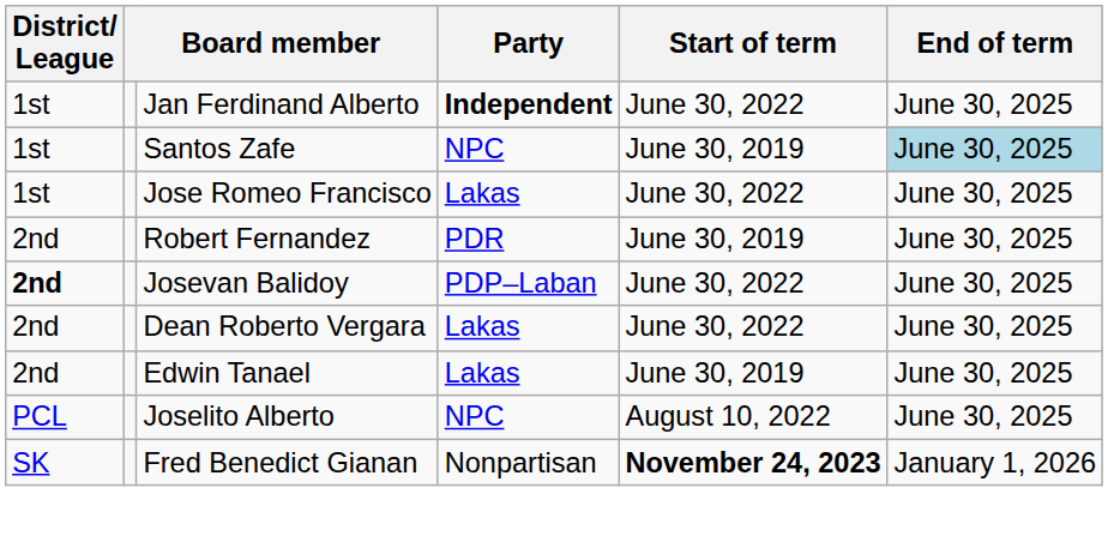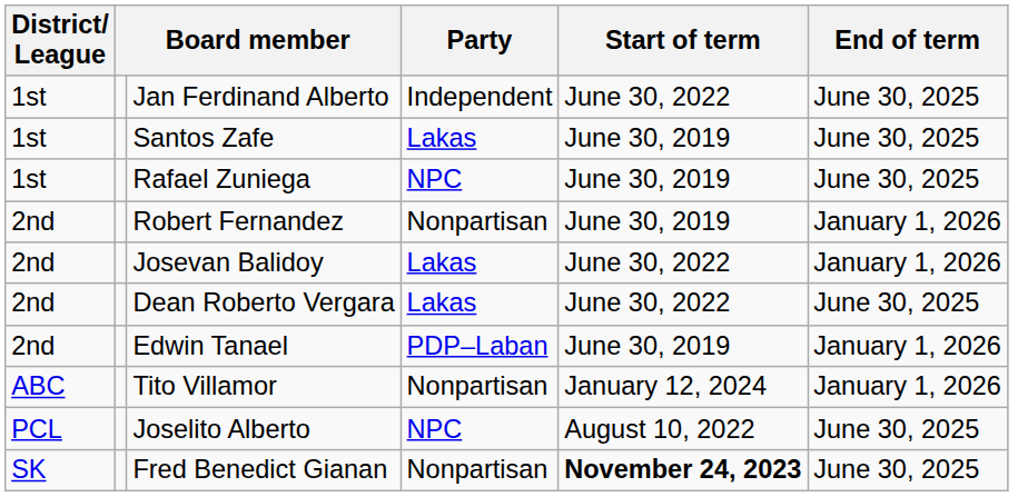 <table class="wikitable">
 <tr>
 <th>District/<br>League</th>
 <th colspan="2">Board member</th>
 <th>Party</th>
 <th>Start of term</th>
 <th>End of term</th>
 </tr>
 <tr>
 <td>1st</td>
 <td></td>
 <td>Jan Ferdinand Alberto</td>
-<td><strong>Independent</strong></td>
+<td>Independent</td>
 <td>June 30, 2022</td>
 <td>June 30, 2025</td>
 </tr>
 <tr>
 <td>1st</td>
 <td></td>
 <td>Santos Zafe</td>
-<td><a href='#'>NPC</a></td>
+<td><a href='#'>Lakas</a></td>
 <td>June 30, 2019</td>
-<td style="background: lightblue;">June 30, 2025</td>
+<td>June 30, 2025</td>
 </tr>
 <tr>
 <td>1st</td>
 <td></td>
-<td>Jose Romeo Francisco</td>
-<td><a href='#'>Lakas</a></td>
-<td>June 30, 2022</td>
+<td>Rafael Zuniega</td>
+<td><a href='#'>NPC</a></td>
+<td>June 30, 2019</td>
 <td>June 30, 2025</td>
 </tr>
 <tr>
 <td>2nd</td>
 <td></td>
 <td>Robert Fernandez</td>
-<td><a href='#'>PDR</a></td>
+<td>Nonpartisan</td>
 <td>June 30, 2019</td>
-<td>June 30, 2025</td>
+<td>January 1, 2026</td>
 </tr>
 <tr>
-<td><strong>2nd</strong></td>
+<td>2nd</td>
 <td></td>
 <td>Josevan Balidoy</td>
-<td><a href='#'>PDP–Laban</a></td>
+<td><a href='#'>Lakas</a></td>
 <td>June 30, 2022</td>
-<td>June 30, 2025</td>
+<td>January 1, 2026</td>
 </tr>
 <tr>
 <td>2nd</td>
 <td></td>
 <td>Dean Roberto Vergara</td>
 <td><a href='#'>Lakas</a></td>
 <td>June 30, 2022</td>
 <td>June 30, 2025</td>
 </tr>
 <tr>
 <td>2nd</td>
 <td></td>
 <td>Edwin Tanael</td>
-<td><a href='#'>Lakas</a></td>
+<td><a href='#'>PDP–Laban</a></td>
 <td>June 30, 2019</td>
-<td>June 30, 2025</td>
+<td>January 1, 2026</td>
+</tr>
+<tr>
+<td><a href='#'>ABC</a></td>
+<td></td>
+<td>Tito Villamor</td>
+<td>Nonpartisan</td>
+<td>January 12, 2024</td>
+<td>January 1, 2026</td>
 </tr>
 <tr>
 <td><a href='#'>PCL</a></td>
 <td></td>
 <td>Joselito Alberto</td>
 <td><a href='#'>NPC</a></td>
 <td>August 10, 2022</td>
 <td>June 30, 2025</td>
 </tr>
 <tr>
 <td><a href='#'>SK</a></td>
 <td></td>
 <td>Fred Benedict Gianan</td>
 <td>Nonpartisan</td>
 <td><strong>November 24, 2023</strong></td>
-<td>January 1, 2026</td>
+<td>June 30, 2025</td>
 </tr>
 </table>
